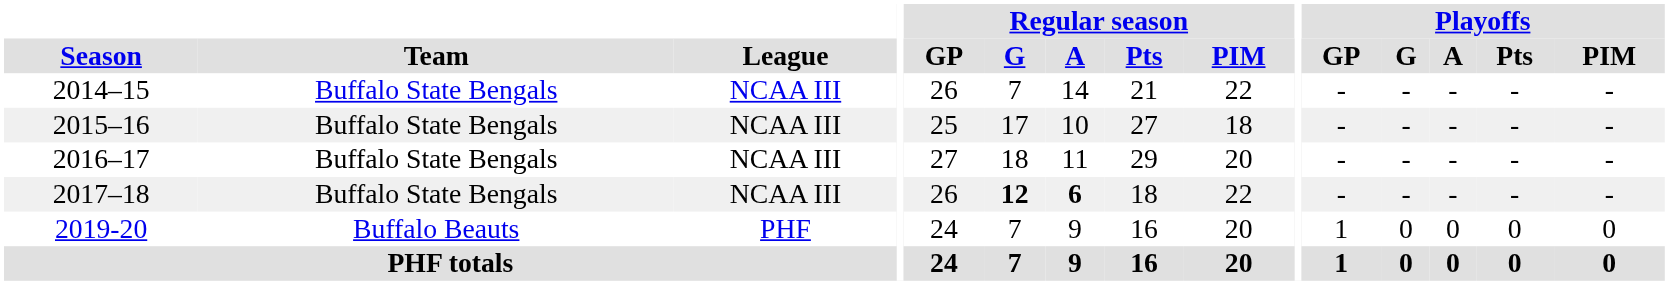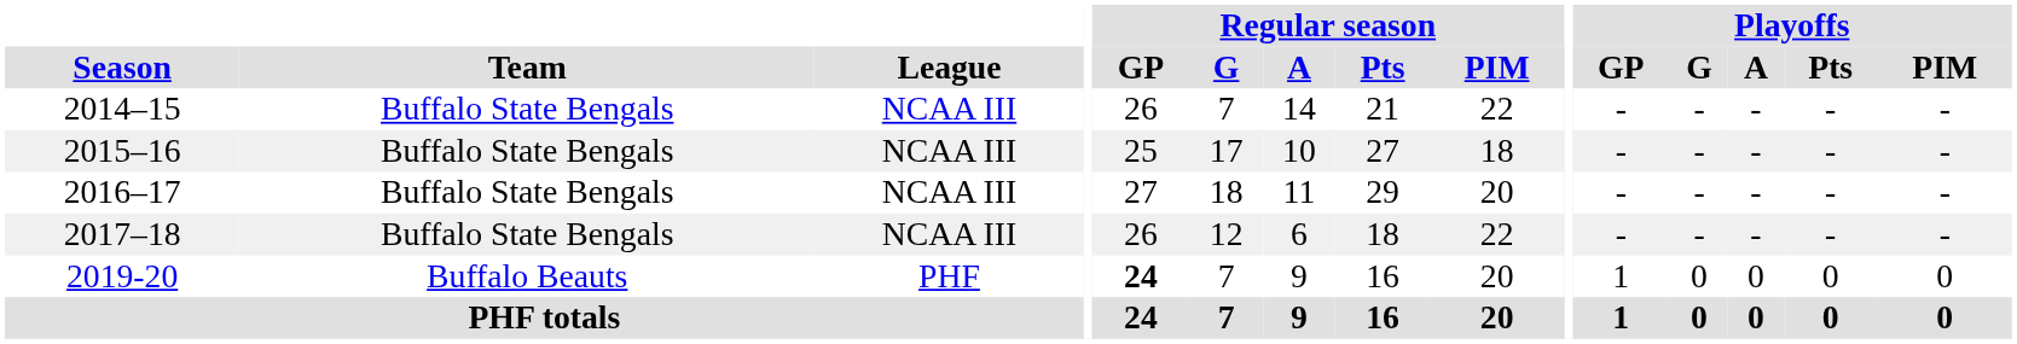 <table border="0" cellpadding="1" cellspacing="0" style="text-align:center; width:60em">
 <tr bgcolor="#e0e0e0">
 <th colspan="3" bgcolor="#ffffff"></th>
 <th rowspan="99" bgcolor="#ffffff"></th>
 <th colspan="5"><a href='#'>Regular season</a></th>
 <th rowspan="99" bgcolor="#ffffff"></th>
 <th colspan="5"><a href='#'>Playoffs</a></th>
 </tr>
 <tr bgcolor="#e0e0e0">
 <th><a href='#'>Season</a></th>
 <th>Team</th>
 <th>League</th>
 <th>GP</th>
 <th><a href='#'>G</a></th>
 <th><a href='#'>A</a></th>
 <th><a href='#'>Pts</a></th>
 <th><a href='#'>PIM</a></th>
 <th>GP</th>
 <th>G</th>
 <th>A</th>
 <th>Pts</th>
 <th>PIM</th>
 </tr>
 <tr>
 <td>2014–15</td>
 <td><a href='#'>Buffalo State Bengals</a></td>
 <td><a href='#'>NCAA III</a></td>
 <td>26</td>
 <td>7</td>
 <td>14</td>
 <td>21</td>
 <td>22</td>
 <td>-</td>
 <td>-</td>
 <td>-</td>
 <td>-</td>
 <td>-</td>
 </tr>
 <tr style="background:#f0f0f0;">
 <td>2015–16</td>
 <td>Buffalo State Bengals</td>
 <td>NCAA III</td>
 <td>25</td>
 <td>17</td>
 <td>10</td>
 <td>27</td>
 <td>18</td>
 <td>-</td>
 <td>-</td>
 <td>-</td>
 <td>-</td>
 <td>-</td>
 </tr>
 <tr>
 <td>2016–17</td>
 <td>Buffalo State Bengals</td>
 <td>NCAA III</td>
 <td>27</td>
 <td>18</td>
 <td>11</td>
 <td>29</td>
 <td>20</td>
 <td>-</td>
 <td>-</td>
 <td>-</td>
 <td>-</td>
 <td>-</td>
 </tr>
 <tr style="background:#f0f0f0;">
 <td>2017–18</td>
 <td>Buffalo State Bengals</td>
 <td>NCAA III</td>
 <td>26</td>
-<td><strong>12</strong></td>
-<td><strong>6</strong></td>
+<td>12</td>
+<td>6</td>
 <td>18</td>
 <td>22</td>
 <td>-</td>
 <td>-</td>
 <td>-</td>
 <td>-</td>
 <td>-</td>
 </tr>
 <tr>
 <td><a href='#'>2019-20</a></td>
 <td><a href='#'>Buffalo Beauts</a></td>
 <td><a href='#'>PHF</a></td>
-<td>24</td>
+<td><strong>24</strong></td>
 <td>7</td>
 <td>9</td>
 <td>16</td>
 <td>20</td>
 <td>1</td>
 <td>0</td>
 <td>0</td>
 <td>0</td>
 <td>0</td>
 </tr>
 <tr bgcolor="#e0e0e0">
 <th colspan="3">PHF totals</th>
 <th>24</th>
 <th>7</th>
 <th>9</th>
 <th>16</th>
 <th>20</th>
 <th>1</th>
 <th>0</th>
 <th>0</th>
 <th>0</th>
 <th>0</th>
 </tr>
 </table>
